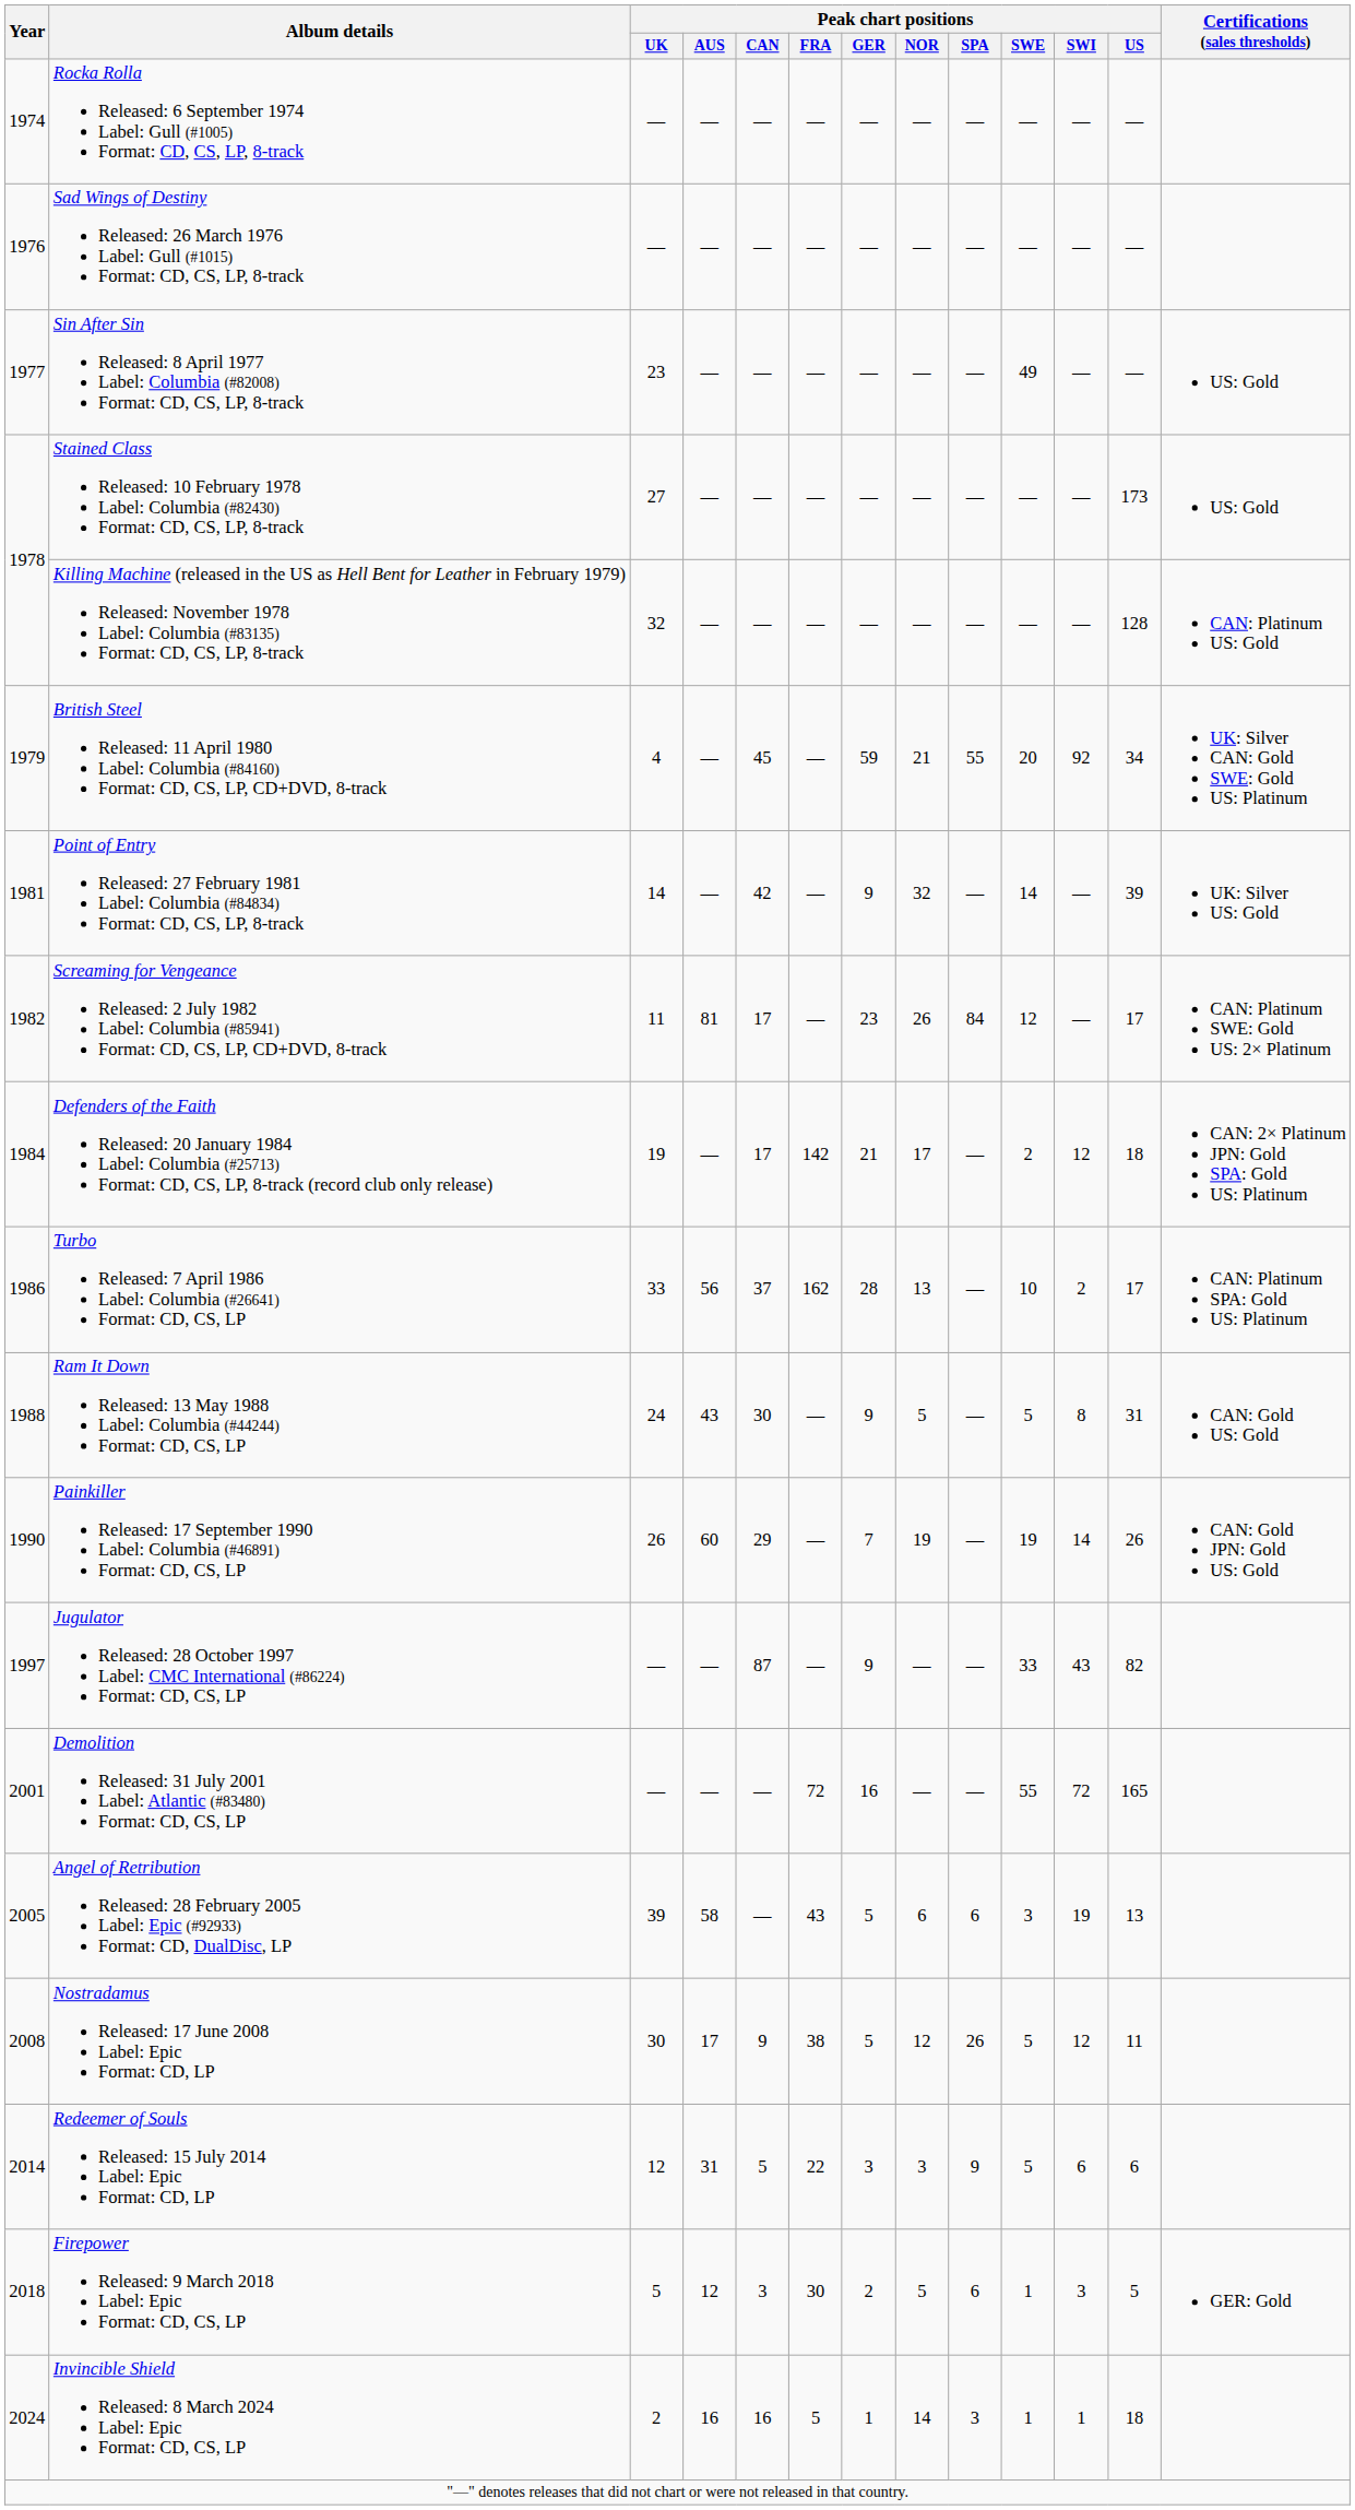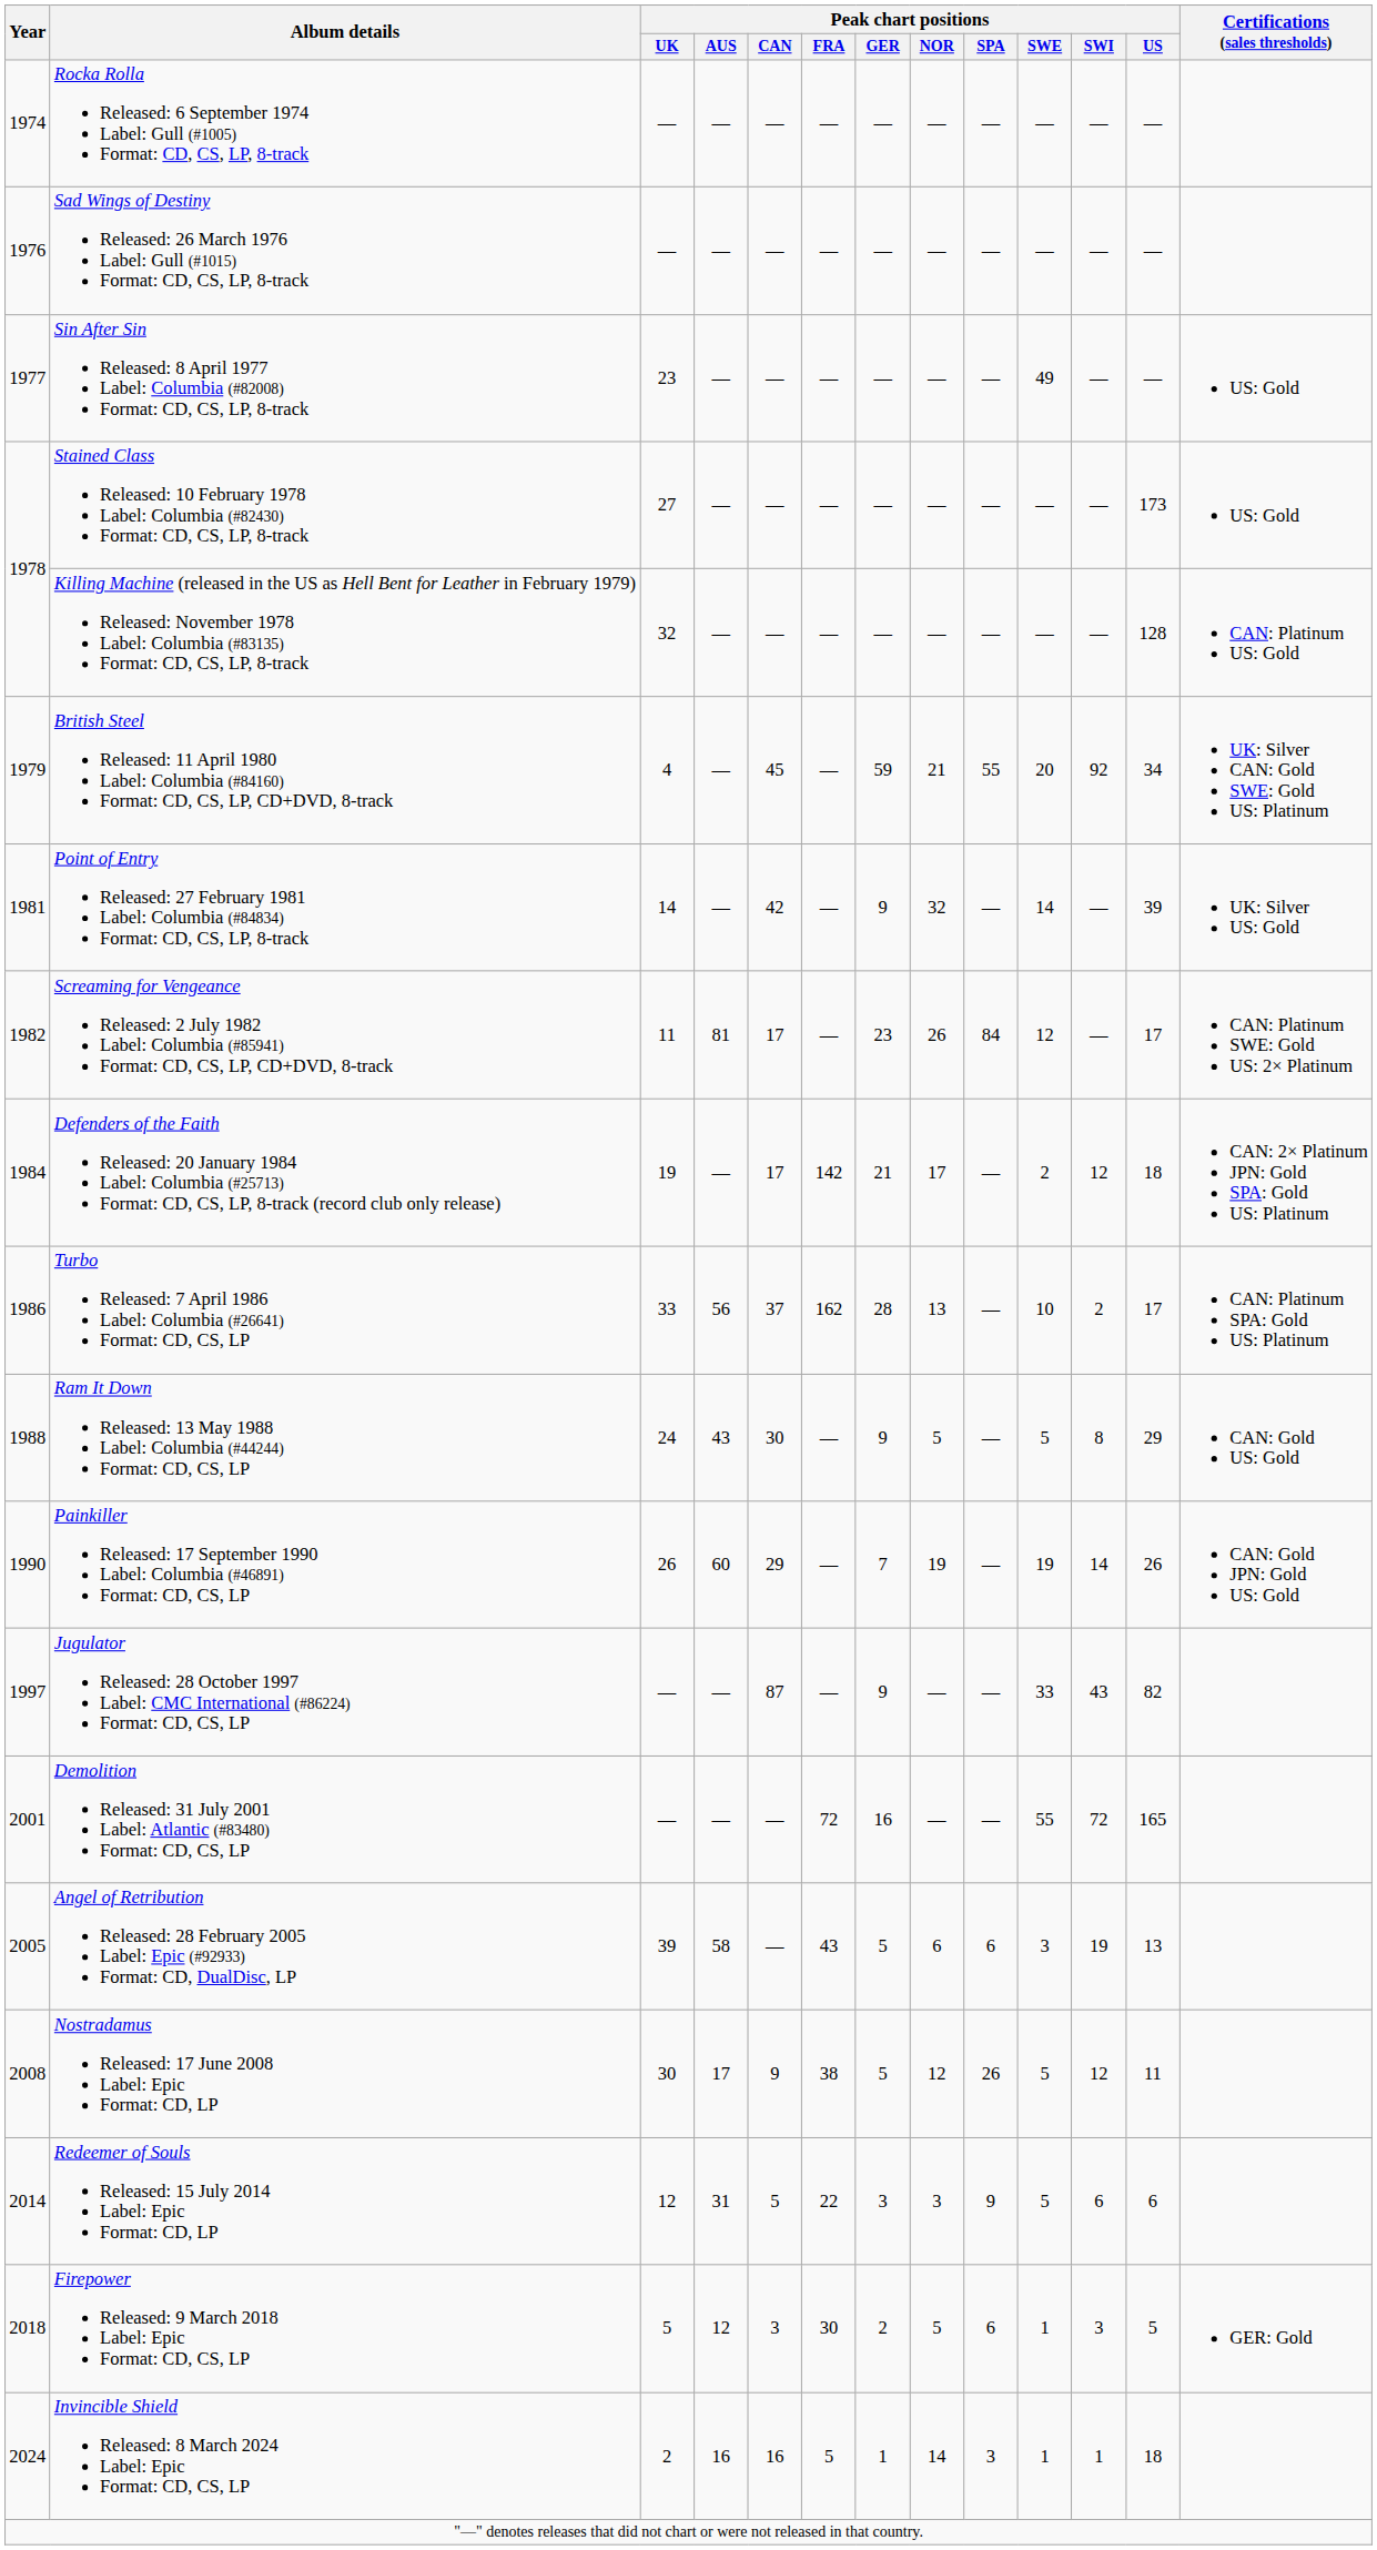 <table class="wikitable" border="1">
 <tr>
 <th scope="col" rowspan="2">Year</th>
 <th scope="col" rowspan="2">Album details</th>
 <th scope="col" colspan="10">Peak chart positions</th>
 <th scope="col" rowspan="2"><a href='#'>Certifications</a><br><small>(<a href='#'>sales thresholds</a>)</small></th>
 </tr>
 <tr>
 <th scope="col" style="width:3em;font-size:85%;"><a href='#'>UK</a><br></th>
 <th scope="col" style="width:3em;font-size:85%;"><a href='#'>AUS</a><br></th>
 <th scope="col" style="width:3em;font-size:85%;"><a href='#'>CAN</a><br></th>
 <th scope="col" style="width:3em;font-size:85%;"><a href='#'>FRA</a><br></th>
 <th scope="col" style="width:3em;font-size:85%;"><a href='#'>GER</a><br></th>
 <th style="width:3em;font-size:85%;"><a href='#'>NOR</a><br></th>
 <th scope="col" style="width:3em;font-size:85%;"><a href='#'>SPA</a><br></th>
 <th scope="col" style="width:3em;font-size:85%;"><a href='#'>SWE</a><br></th>
 <th scope="col" style="width:3em;font-size:85%;"><a href='#'>SWI</a><br></th>
 <th scope="col" style="width:3em;font-size:85%;"><a href='#'>US</a><br></th>
 </tr>
 <tr>
 <td align="center">1974</td>
 <td><em><a href='#'>Rocka Rolla</a></em><br><ul><li>Released: 6 September 1974</li><li>Label: Gull <small>(#1005)</small></li><li>Format: <a href='#'>CD</a>, <a href='#'>CS</a>, <a href='#'>LP</a>, <a href='#'>8-track</a></li></ul></td>
 <td align="center">—</td>
 <td align="center">—</td>
 <td align="center">—</td>
 <td align="center">—</td>
 <td align="center">—</td>
 <td align="center">—</td>
 <td align="center">—</td>
 <td align="center">—</td>
 <td align="center">—</td>
 <td align="center">—</td>
 <td></td>
 </tr>
 <tr>
 <td align="center">1976</td>
 <td align="left"><em><a href='#'>Sad Wings of Destiny</a></em><br><ul><li>Released: 26 March 1976</li><li>Label: Gull <small>(#1015)</small></li><li>Format: CD, CS, LP, 8-track</li></ul></td>
 <td align="center">—</td>
 <td align="center">—</td>
 <td align="center">—</td>
 <td align="center">—</td>
 <td align="center">—</td>
 <td align="center">—</td>
 <td align="center">—</td>
 <td align="center">—</td>
 <td align="center">—</td>
 <td align="center">—</td>
 <td></td>
 </tr>
 <tr>
 <td align="center">1977</td>
 <td><em><a href='#'>Sin After Sin</a></em><br><ul><li>Released: 8 April 1977</li><li>Label: <a href='#'>Columbia</a> <small>(#82008)</small></li><li>Format: CD, CS, LP, 8-track</li></ul></td>
 <td align="center">23</td>
 <td align="center">—</td>
 <td align="center">—</td>
 <td align="center">—</td>
 <td align="center">—</td>
 <td align="center">—</td>
 <td align="center">—</td>
 <td align="center">49</td>
 <td align="center">—</td>
 <td align="center">—</td>
 <td><br><ul><li>US: Gold</li></ul></td>
 </tr>
 <tr>
 <td align="center" rowspan="2">1978</td>
 <td><em><a href='#'>Stained Class</a></em><br><ul><li>Released: 10 February 1978</li><li>Label: Columbia <small>(#82430)</small></li><li>Format: CD, CS, LP, 8-track</li></ul></td>
 <td align="center">27</td>
 <td align="center">—</td>
 <td align="center">—</td>
 <td align="center">—</td>
 <td align="center">—</td>
 <td align="center">—</td>
 <td align="center">—</td>
 <td align="center">—</td>
 <td align="center">—</td>
 <td align="center">173</td>
 <td><br><ul><li>US: Gold</li></ul></td>
 </tr>
 <tr>
 <td><em><a href='#'>Killing Machine</a></em> (released in the US as <em>Hell Bent for Leather</em> in February 1979)<br><ul><li>Released: November 1978</li><li>Label: Columbia <small>(#83135)</small></li><li>Format: CD, CS, LP, 8-track</li></ul></td>
 <td align="center">32</td>
 <td align="center">—</td>
 <td align="center">—</td>
 <td align="center">—</td>
 <td align="center">—</td>
 <td align="center">—</td>
 <td align="center">—</td>
 <td align="center">—</td>
 <td align="center">—</td>
 <td align="center">128</td>
 <td><br><ul><li><a href='#'>CAN</a>: Platinum</li><li>US: Gold</li></ul></td>
 </tr>
 <tr>
 <td align="center">1979</td>
 <td><em><a href='#'>British Steel</a></em><br><ul><li>Released: 11 April 1980</li><li>Label: Columbia <small>(#84160)</small></li><li>Format: CD, CS, LP, CD+DVD, 8-track</li></ul></td>
 <td align="center">4</td>
 <td align="center">—</td>
 <td align="center">45</td>
 <td align="center">—</td>
 <td align="center">59</td>
 <td align="center">21</td>
 <td align="center">55</td>
 <td align="center">20</td>
 <td align="center">92</td>
 <td align="center">34</td>
 <td><br><ul><li><a href='#'>UK</a>: Silver</li><li>CAN: Gold</li><li><a href='#'>SWE</a>: Gold</li><li>US: Platinum</li></ul></td>
 </tr>
 <tr>
 <td align="center">1981</td>
 <td><em><a href='#'>Point of Entry</a></em><br><ul><li>Released: 27 February 1981</li><li>Label: Columbia <small>(#84834)</small></li><li>Format: CD, CS, LP, 8-track</li></ul></td>
 <td align="center">14</td>
 <td align="center">—</td>
 <td align="center">42</td>
 <td align="center">—</td>
 <td align="center">9</td>
 <td align="center">32</td>
 <td align="center">—</td>
 <td align="center">14</td>
 <td align="center">—</td>
 <td align="center">39</td>
 <td><br><ul><li>UK: Silver</li><li>US: Gold</li></ul></td>
 </tr>
 <tr>
 <td align="center">1982</td>
 <td><em><a href='#'>Screaming for Vengeance</a></em><br><ul><li>Released: 2 July 1982</li><li>Label: Columbia <small>(#85941)</small></li><li>Format: CD, CS, LP, CD+DVD, 8-track</li></ul></td>
 <td align="center">11</td>
 <td align="center">81</td>
 <td align="center">17</td>
 <td align="center">—</td>
 <td align="center">23</td>
 <td align="center">26</td>
 <td align="center">84</td>
 <td align="center">12</td>
 <td align="center">—</td>
 <td align="center">17</td>
 <td><br><ul><li>CAN: Platinum</li><li>SWE: Gold</li><li>US: 2× Platinum</li></ul></td>
 </tr>
 <tr>
 <td align="center">1984</td>
 <td><em><a href='#'>Defenders of the Faith</a></em><br><ul><li>Released: 20 January 1984</li><li>Label: Columbia <small>(#25713)</small></li><li>Format: CD, CS, LP, 8-track (record club only release)</li></ul></td>
 <td align="center">19</td>
 <td align="center">—</td>
 <td align="center">17</td>
 <td align="center">142</td>
 <td align="center">21</td>
 <td align="center">17</td>
 <td align="center">—</td>
 <td align="center">2</td>
 <td align="center">12</td>
 <td align="center">18</td>
 <td><br><ul><li>CAN: 2× Platinum</li><li>JPN: Gold</li><li><a href='#'>SPA</a>: Gold</li><li>US: Platinum</li></ul></td>
 </tr>
 <tr>
 <td align="center">1986</td>
 <td><em><a href='#'>Turbo</a></em><br><ul><li>Released: 7 April 1986</li><li>Label: Columbia <small>(#26641)</small></li><li>Format: CD, CS, LP</li></ul></td>
 <td align="center">33</td>
 <td align="center">56</td>
 <td align="center">37</td>
 <td align="center">162</td>
 <td align="center">28</td>
 <td align="center">13</td>
 <td align="center">—</td>
 <td align="center">10</td>
 <td align="center">2</td>
 <td align="center">17</td>
 <td><br><ul><li>CAN: Platinum</li><li>SPA: Gold</li><li>US: Platinum</li></ul></td>
 </tr>
 <tr>
 <td align="center">1988</td>
 <td><em><a href='#'>Ram It Down</a></em><br><ul><li>Released: 13 May 1988</li><li>Label: Columbia <small>(#44244)</small></li><li>Format: CD, CS, LP</li></ul></td>
 <td align="center">24</td>
 <td align="center">43</td>
 <td align="center">30</td>
 <td align="center">—</td>
 <td align="center">9</td>
 <td align="center">5</td>
 <td align="center">—</td>
 <td align="center">5</td>
 <td align="center">8</td>
-<td align="center">31</td>
+<td align="center">29</td>
 <td><br><ul><li>CAN: Gold</li><li>US: Gold</li></ul></td>
 </tr>
 <tr>
 <td align="center">1990</td>
 <td><em><a href='#'>Painkiller</a></em><br><ul><li>Released: 17 September 1990</li><li>Label: Columbia <small>(#46891)</small></li><li>Format: CD, CS, LP</li></ul></td>
 <td align="center">26</td>
 <td align="center">60</td>
 <td align="center">29</td>
 <td align="center">—</td>
 <td align="center">7</td>
 <td align="center">19</td>
 <td align="center">—</td>
 <td align="center">19</td>
 <td align="center">14</td>
 <td align="center">26</td>
 <td><br><ul><li>CAN: Gold</li><li>JPN: Gold</li><li>US: Gold</li></ul></td>
 </tr>
 <tr>
 <td align="center">1997</td>
 <td><em><a href='#'>Jugulator</a></em><br><ul><li>Released: 28 October 1997</li><li>Label: <a href='#'>CMC International</a> <small>(#86224)</small></li><li>Format: CD, CS, LP</li></ul></td>
 <td align="center">—</td>
 <td align="center">—</td>
 <td align="center">87</td>
 <td align="center">—</td>
 <td align="center">9</td>
 <td align="center">—</td>
 <td align="center">—</td>
 <td align="center">33</td>
 <td align="center">43</td>
 <td align="center">82</td>
 <td></td>
 </tr>
 <tr>
 <td align="center">2001</td>
 <td><em><a href='#'>Demolition</a></em><br><ul><li>Released: 31 July 2001</li><li>Label: <a href='#'>Atlantic</a> <small>(#83480)</small></li><li>Format: CD, CS, LP</li></ul></td>
 <td align="center">—</td>
 <td align="center">—</td>
 <td align="center">—</td>
 <td align="center">72</td>
 <td align="center">16</td>
 <td align="center">—</td>
 <td align="center">—</td>
 <td align="center">55</td>
 <td align="center">72</td>
 <td align="center">165</td>
 <td></td>
 </tr>
 <tr>
 <td align="center">2005</td>
 <td><em><a href='#'>Angel of Retribution</a></em><br><ul><li>Released: 28 February 2005</li><li>Label: <a href='#'>Epic</a> <small>(#92933)</small></li><li>Format: CD, <a href='#'>DualDisc</a>, LP</li></ul></td>
 <td align="center">39</td>
 <td align="center">58</td>
 <td align="center">—</td>
 <td align="center">43</td>
 <td align="center">5</td>
 <td align="center">6</td>
 <td align="center">6</td>
 <td align="center">3</td>
 <td align="center">19</td>
 <td align="center">13</td>
 <td></td>
 </tr>
 <tr>
 <td align="center">2008</td>
 <td><em><a href='#'>Nostradamus</a></em><br><ul><li>Released: 17 June 2008</li><li>Label: Epic</li><li>Format: CD, LP</li></ul></td>
 <td align="center">30</td>
 <td align="center">17</td>
 <td align="center">9</td>
 <td align="center">38</td>
 <td align="center">5</td>
 <td align="center">12</td>
 <td align="center">26</td>
 <td align="center">5</td>
 <td align="center">12</td>
 <td align="center">11</td>
 <td></td>
 </tr>
 <tr>
 <td align="center">2014</td>
 <td><em><a href='#'>Redeemer of Souls</a></em><br><ul><li>Released: 15 July 2014</li><li>Label: Epic</li><li>Format: CD, LP</li></ul></td>
 <td align="center">12</td>
 <td align="center">31</td>
 <td align="center">5</td>
 <td align="center">22</td>
 <td align="center">3</td>
 <td align="center">3</td>
 <td align="center">9</td>
 <td align="center">5</td>
 <td align="center">6</td>
 <td align="center">6</td>
 <td></td>
 </tr>
 <tr>
 <td align="center">2018</td>
 <td><em><a href='#'>Firepower</a></em><br><ul><li>Released: 9 March 2018</li><li>Label: Epic</li><li>Format: CD, CS, LP</li></ul></td>
 <td align="center">5</td>
 <td align="center">12</td>
 <td align="center">3</td>
 <td align="center">30</td>
 <td align="center">2</td>
 <td align="center">5</td>
 <td align="center">6</td>
 <td align="center">1</td>
 <td align="center">3</td>
 <td align="center">5</td>
 <td><br><ul><li>GER: Gold</li></ul></td>
 </tr>
 <tr>
 <td align="center">2024</td>
 <td><em><a href='#'>Invincible Shield</a></em><br><ul><li>Released: 8 March 2024</li><li>Label: Epic</li><li>Format: CD, CS, LP</li></ul></td>
 <td align="center">2</td>
 <td align="center">16<br></td>
 <td align="center">16</td>
 <td align="center">5</td>
 <td align="center">1</td>
 <td align="center">14<br></td>
 <td align="center">3</td>
 <td align="center">1<br></td>
 <td align="center">1</td>
 <td align="center">18</td>
 <td></td>
 </tr>
 <tr>
 <td align="center" colspan="14" style="font-size:85%">"—" denotes releases that did not chart or were not released in that country.</td>
 </tr>
 </table>
